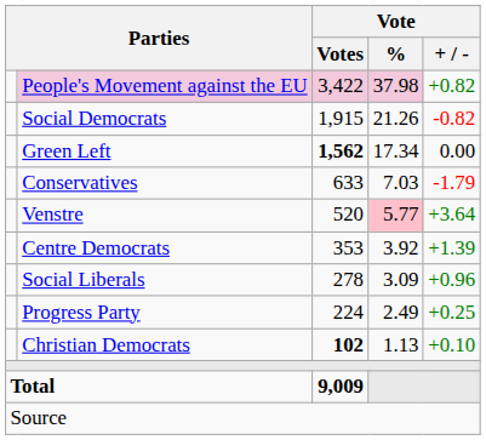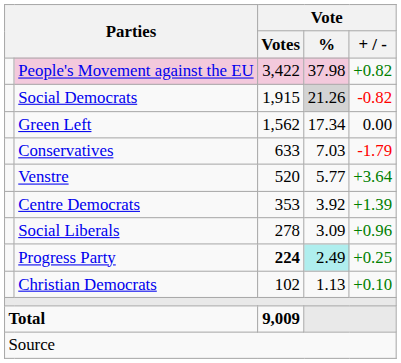 <table class="wikitable" style="text-align:right;">
 <tr>
 <th style="text-align:centre;" rowspan="2" colspan="2" width="225">Parties</th>
 <th colspan="3">Vote</th>
 </tr>
 <tr>
 <th width="15">Votes</th>
 <th width="15">%</th>
 <th width="15">+ / -</th>
 </tr>
 <tr>
 <td width="2" style="color:inherit;background:"></td>
 <td bgcolor=#f3c9dc   align="left"><a href='#'>People's Movement against the EU</a></td>
 <td bgcolor=#f3c9dc>3,422</td>
 <td bgcolor=#f3c9dc>37.98</td>
 <td style=color:green;>+0.82</td>
 </tr>
 <tr>
 <td width="2" style="color:inherit;background:"></td>
 <td align="left"><a href='#'>Social Democrats</a></td>
 <td>1,915</td>
-<td>21.26</td>
+<td style="background: lightgrey;">21.26</td>
 <td style=color:red;>-0.82</td>
 </tr>
 <tr>
 <td width="2" style="color:inherit;background:"></td>
 <td align="left"><a href='#'>Green Left</a></td>
-<td><strong>1,562</strong></td>
+<td>1,562</td>
 <td>17.34</td>
 <td>0.00</td>
 </tr>
 <tr>
 <td width="2" style="color:inherit;background:"></td>
 <td align="left"><a href='#'>Conservatives</a></td>
 <td>633</td>
 <td>7.03</td>
 <td style=color:red;>-1.79</td>
 </tr>
 <tr>
 <td width="2" style="color:inherit;background:"></td>
 <td align="left"><a href='#'>Venstre</a></td>
 <td>520</td>
-<td style="background: pink;">5.77</td>
+<td>5.77</td>
 <td style=color:green;>+3.64</td>
 </tr>
 <tr>
 <td width="2" style="color:inherit;background:"></td>
 <td align="left"><a href='#'>Centre Democrats</a></td>
 <td>353</td>
 <td>3.92</td>
 <td style=color:green;>+1.39</td>
 </tr>
 <tr>
 <td width="2" style="color:inherit;background:"></td>
 <td align="left"><a href='#'>Social Liberals</a></td>
 <td>278</td>
 <td>3.09</td>
 <td style=color:green;>+0.96</td>
 </tr>
 <tr>
 <td width="2" style="color:inherit;background:"></td>
 <td align="left"><a href='#'>Progress Party</a></td>
-<td>224</td>
-<td>2.49</td>
+<td><strong>224</strong></td>
+<td style="background: paleturquoise;">2.49</td>
 <td style=color:green;>+0.25</td>
 </tr>
 <tr>
 <td width="2" style="color:inherit;background:"></td>
 <td align="left"><a href='#'>Christian Democrats</a></td>
-<td><strong>102</strong></td>
+<td>102</td>
 <td>1.13</td>
 <td style=color:green;>+0.10</td>
 </tr>
 <tr>
 <td colspan="7" bgcolor="#E9E9E9"></td>
 </tr>
 <tr>
 <td align="left" colspan="2"><strong>Total</strong></td>
 <td><strong>9,009</strong></td>
 <td bgcolor="#E9E9E9" colspan="2"></td>
 </tr>
 <tr>
 <td align="left" colspan="6">Source</td>
 </tr>
 </table>
